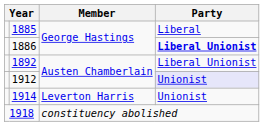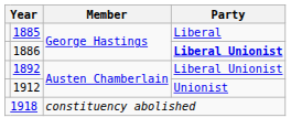 <table class="wikitable">
 <tr>
 <th colspan="2">Year</th>
 <th>Member</th>
 <th>Party</th>
 </tr>
 <tr>
 <td style="color:inherit;background-color: "></td>
 <td><a href='#'>1885</a></td>
 <td rowspan="2"><a href='#'>George Hastings</a></td>
 <td><a href='#'>Liberal</a></td>
 </tr>
 <tr>
 <td style="color:inherit;background-color: "></td>
 <td>1886</td>
 <td><strong><a href='#'>Liberal Unionist</a></strong></td>
 </tr>
 <tr>
 <td style="color:inherit;background-color: "></td>
 <td><a href='#'>1892</a></td>
 <td rowspan="2"><a href='#'>Austen Chamberlain</a></td>
 <td><a href='#'>Liberal Unionist</a></td>
 </tr>
 <tr>
 <td style="color:inherit;background-color: "></td>
 <td>1912</td>
-<td style="background: lavender;"><a href='#'>Unionist</a></td>
-</tr>
-<tr>
-<td style="color:inherit;background-color: "></td>
-<td><a href='#'>1914</a></td>
-<td><a href='#'>Leverton Harris</a></td>
 <td><a href='#'>Unionist</a></td>
 </tr>
 <tr>
 <td colspan="2" align="center"><a href='#'>1918</a></td>
 <td colspan="2"><em>constituency abolished</em></td>
 </tr>
 </table>
